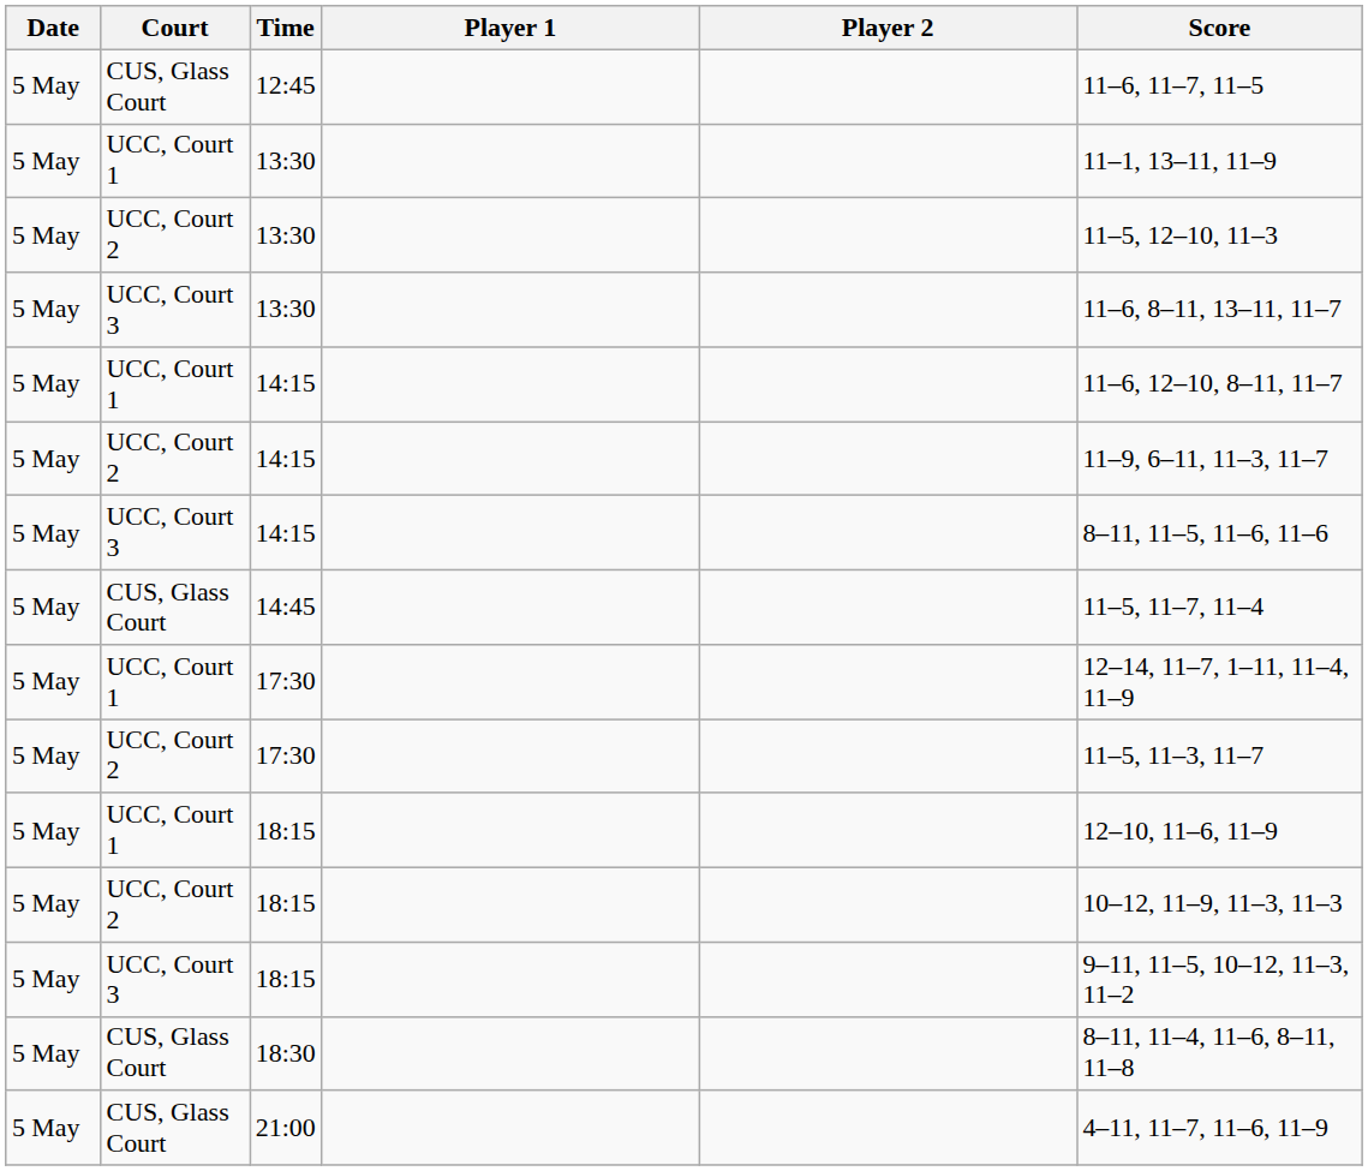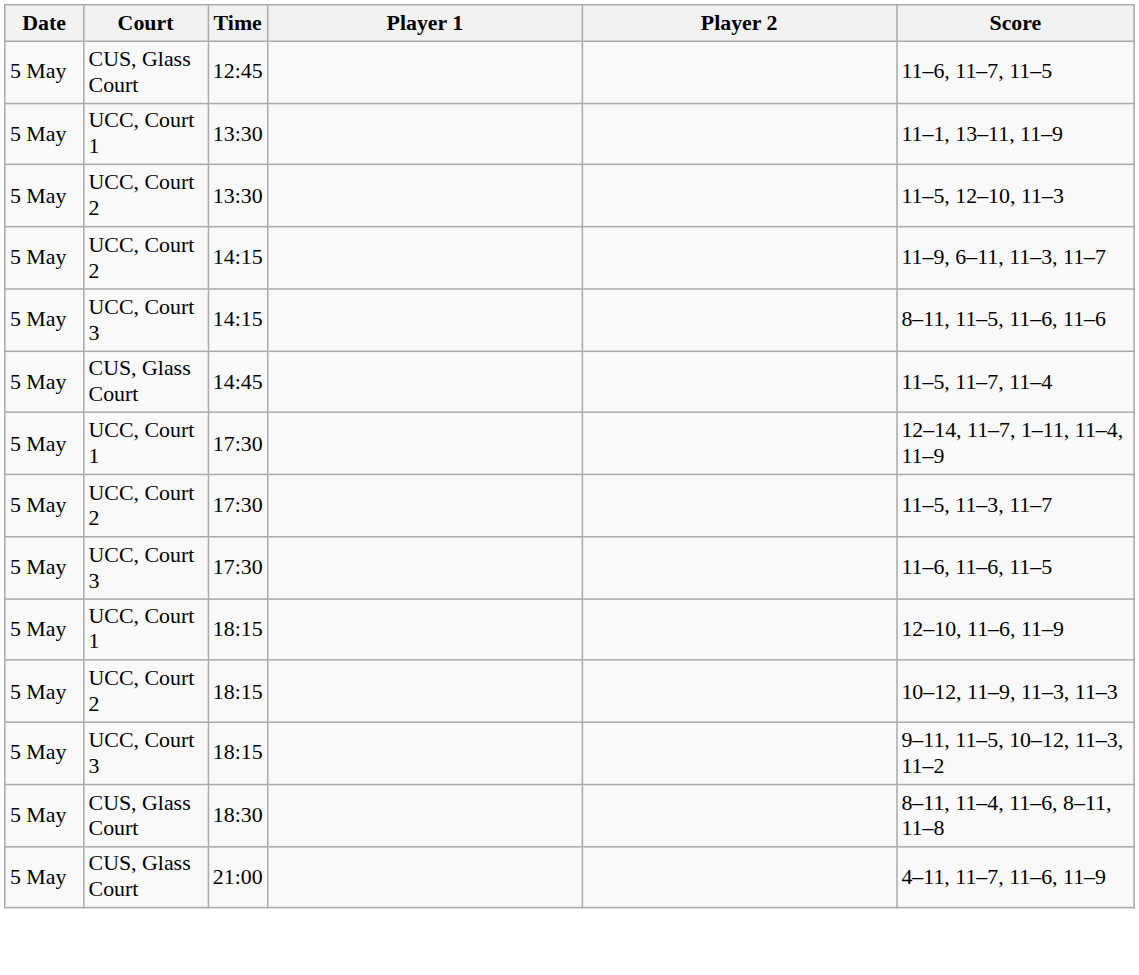 <table class="sortable wikitable" style="font-size:90%">
 <tr>
 <th width="45" class="unsortable">Date</th>
 <th width="75">Court</th>
 <th width="30">Time</th>
 <th width="200">Player 1</th>
 <th width="200">Player 2</th>
 <th width="150" class="unsortable">Score</th>
 </tr>
 <tr>
 <td>5 May</td>
 <td>CUS, Glass Court</td>
 <td>12:45</td>
 <td></td>
 <td><strong></strong></td>
 <td>11–6, 11–7, 11–5</td>
 </tr>
 <tr>
 <td>5 May</td>
 <td>UCC, Court 1</td>
 <td>13:30</td>
 <td><strong></strong></td>
 <td></td>
 <td>11–1, 13–11, 11–9</td>
 </tr>
 <tr>
 <td>5 May</td>
 <td>UCC, Court 2</td>
 <td>13:30</td>
 <td></td>
 <td><strong></strong></td>
 <td>11–5, 12–10, 11–3</td>
-</tr>
-<tr>
-<td>5 May</td>
-<td>UCC, Court 3</td>
-<td>13:30</td>
-<td><strong></strong></td>
-<td></td>
-<td>11–6, 8–11, 13–11, 11–7</td>
-</tr>
-<tr>
-<td>5 May</td>
-<td>UCC, Court 1</td>
-<td>14:15</td>
-<td><strong></strong></td>
-<td></td>
-<td>11–6, 12–10, 8–11, 11–7</td>
 </tr>
 <tr>
 <td>5 May</td>
 <td>UCC, Court 2</td>
 <td>14:15</td>
 <td></td>
 <td><strong></strong></td>
 <td>11–9, 6–11, 11–3, 11–7</td>
 </tr>
 <tr>
 <td>5 May</td>
 <td>UCC, Court 3</td>
 <td>14:15</td>
 <td></td>
 <td><strong></strong></td>
 <td>8–11, 11–5, 11–6, 11–6</td>
 </tr>
 <tr>
 <td>5 May</td>
 <td>CUS, Glass Court</td>
 <td>14:45</td>
 <td></td>
 <td><strong></strong></td>
 <td>11–5, 11–7, 11–4</td>
 </tr>
 <tr>
 <td>5 May</td>
 <td>UCC, Court 1</td>
 <td>17:30</td>
 <td><strong></strong></td>
 <td></td>
 <td>12–14, 11–7, 1–11, 11–4, 11–9</td>
 </tr>
 <tr>
 <td>5 May</td>
 <td>UCC, Court 2</td>
 <td>17:30</td>
 <td><strong></strong></td>
 <td></td>
 <td>11–5, 11–3, 11–7</td>
 </tr>
 <tr>
 <td>5 May</td>
+<td>UCC, Court 3</td>
+<td>17:30</td>
+<td></td>
+<td><strong></strong></td>
+<td>11–6, 11–6, 11–5</td>
+</tr>
+<tr>
+<td>5 May</td>
 <td>UCC, Court 1</td>
 <td>18:15</td>
 <td><strong></strong></td>
 <td></td>
 <td>12–10, 11–6, 11–9</td>
 </tr>
 <tr>
 <td>5 May</td>
 <td>UCC, Court 2</td>
 <td>18:15</td>
 <td></td>
 <td><strong></strong></td>
 <td>10–12, 11–9, 11–3, 11–3</td>
 </tr>
 <tr>
 <td>5 May</td>
 <td>UCC, Court 3</td>
 <td>18:15</td>
 <td></td>
 <td><strong></strong></td>
 <td>9–11, 11–5, 10–12, 11–3, 11–2</td>
 </tr>
 <tr>
 <td>5 May</td>
 <td>CUS, Glass Court</td>
 <td>18:30</td>
 <td><strong></strong></td>
 <td></td>
 <td>8–11, 11–4, 11–6, 8–11, 11–8</td>
 </tr>
 <tr>
 <td>5 May</td>
 <td>CUS, Glass Court</td>
 <td>21:00</td>
 <td><strong></strong></td>
 <td></td>
 <td>4–11, 11–7, 11–6, 11–9</td>
 </tr>
 </table>
